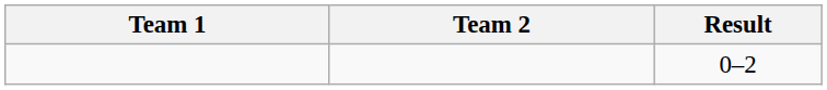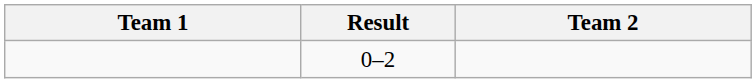 <table class="wikitable" style="text-align:center">
 <tr>
 <th width=200>Team 1</th>
+<th width=100>Result</th>
 <th width=200>Team 2</th>
-<th width=100>Result</th>
 </tr>
 <tr>
 <td align=right></td>
+<td>0–2</td>
 <td align=left><strong></strong></td>
-<td>0–2</td>
 </tr>
 </table>
